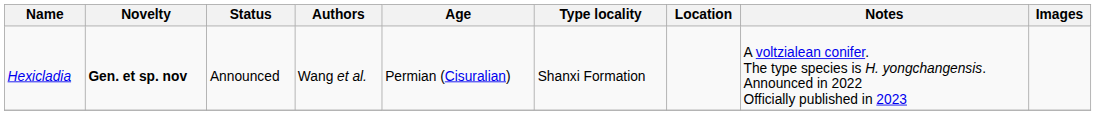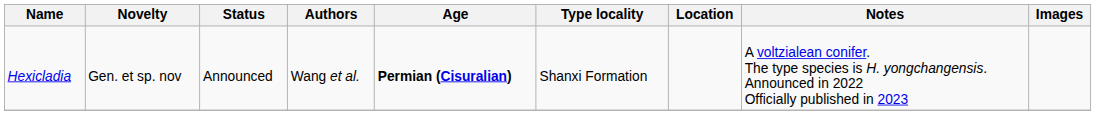 <table class="wikitable sortable" align="center" width="100%">
 <tr>
 <th>Name</th>
 <th>Novelty</th>
 <th>Status</th>
 <th>Authors</th>
 <th>Age</th>
 <th>Type locality</th>
 <th>Location</th>
 <th>Notes</th>
 <th>Images</th>
 </tr>
 <tr>
 <td><br><em><a href='#'>Hexicladia</a></em></td>
-<td><strong><br>Gen. et sp. nov</strong></td>
+<td><br>Gen. et sp. nov</td>
 <td><br>Announced</td>
 <td><br>Wang <em>et al.</em></td>
-<td><br>Permian (<a href='#'>Cisuralian</a>)</td>
+<td><strong><br>Permian (<a href='#'>Cisuralian</a>)</strong></td>
 <td><br>Shanxi Formation</td>
 <td><br></td>
 <td><br>A <a href='#'>voltzialean conifer</a>.<br> The type species is <em>H. yongchangensis</em>.<br>Announced in 2022<br>Officially published in <a href='#'>2023</a></td>
 <td></td>
 </tr>
 <tr>
 </tr>
 </table>
